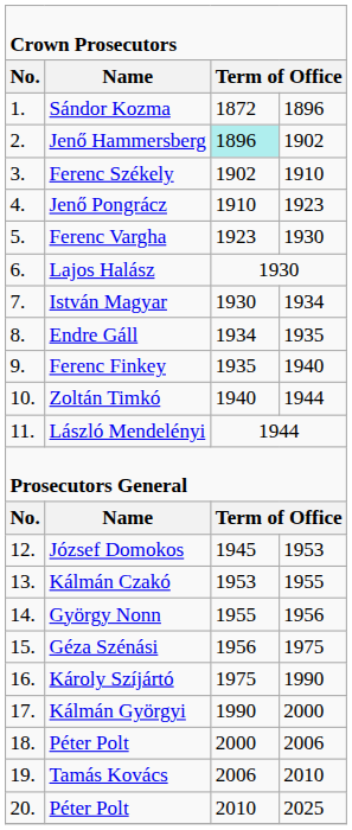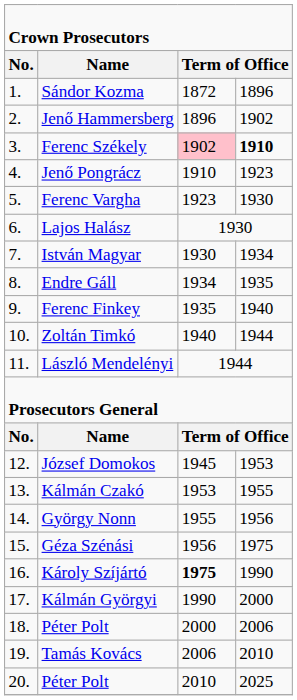 <table class ="wikitable">
 <tr>
 <td colspan=4><br><strong>Crown Prosecutors</strong></td>
 </tr>
 <tr>
 <th>No.</th>
 <th>Name</th>
 <th colspan=2>Term of Office</th>
 </tr>
 <tr>
 <td>1.</td>
 <td><a href='#'>Sándor Kozma</a></td>
 <td>1872</td>
 <td>1896</td>
 </tr>
 <tr>
 <td>2.</td>
 <td><a href='#'>Jenő Hammersberg</a></td>
-<td style="background: paleturquoise;">1896</td>
+<td>1896</td>
 <td>1902</td>
 </tr>
 <tr>
 <td>3.</td>
 <td><a href='#'>Ferenc Székely</a></td>
-<td>1902</td>
-<td>1910</td>
+<td style="background: pink;">1902</td>
+<td><strong>1910</strong></td>
 </tr>
 <tr>
 <td>4.</td>
 <td><a href='#'>Jenő Pongrácz</a></td>
 <td>1910</td>
 <td>1923</td>
 </tr>
 <tr>
 <td>5.</td>
 <td><a href='#'>Ferenc Vargha</a></td>
 <td>1923</td>
 <td>1930</td>
 </tr>
 <tr>
 <td>6.</td>
 <td><a href='#'>Lajos Halász</a></td>
 <td colspan="2" align=center>1930</td>
 </tr>
 <tr>
 <td>7.</td>
 <td><a href='#'>István Magyar</a></td>
 <td>1930</td>
 <td>1934</td>
 </tr>
 <tr>
 <td>8.</td>
 <td><a href='#'>Endre Gáll</a></td>
 <td>1934</td>
 <td>1935</td>
 </tr>
 <tr>
 <td>9.</td>
 <td><a href='#'>Ferenc Finkey</a></td>
 <td>1935</td>
 <td>1940</td>
 </tr>
 <tr>
 <td>10.</td>
 <td><a href='#'>Zoltán Timkó</a></td>
 <td>1940</td>
 <td>1944</td>
 </tr>
 <tr>
 <td>11.</td>
 <td><a href='#'>László Mendelényi</a></td>
 <td colspan="2" align=center>1944</td>
 </tr>
 <tr>
 <td colspan=4><br><strong>Prosecutors General</strong></td>
 </tr>
 <tr>
 <th>No.</th>
 <th>Name</th>
 <th colspan=2>Term of Office</th>
 </tr>
 <tr>
 <td>12.</td>
 <td><a href='#'>József Domokos</a></td>
 <td>1945</td>
 <td>1953</td>
 </tr>
 <tr>
 <td>13.</td>
 <td><a href='#'>Kálmán Czakó</a></td>
 <td>1953</td>
 <td>1955</td>
 </tr>
 <tr>
 <td>14.</td>
 <td><a href='#'>György Nonn</a></td>
 <td>1955</td>
 <td>1956</td>
 </tr>
 <tr>
 <td>15.</td>
 <td><a href='#'>Géza Szénási</a></td>
 <td>1956</td>
 <td>1975</td>
 </tr>
 <tr>
 <td>16.</td>
 <td><a href='#'>Károly Szíjártó</a></td>
-<td>1975</td>
+<td><strong>1975</strong></td>
 <td>1990</td>
 </tr>
 <tr>
 <td>17.</td>
 <td><a href='#'>Kálmán Györgyi</a></td>
 <td>1990</td>
 <td>2000</td>
 </tr>
 <tr>
 <td>18.</td>
 <td><a href='#'>Péter Polt</a></td>
 <td>2000</td>
 <td>2006</td>
 </tr>
 <tr>
 <td>19.</td>
 <td><a href='#'>Tamás Kovács</a></td>
 <td>2006</td>
 <td>2010</td>
 </tr>
 <tr>
 <td>20.</td>
 <td><a href='#'>Péter Polt</a></td>
 <td>2010</td>
 <td>2025</td>
 </tr>
 <tr>
 </tr>
 </table>
